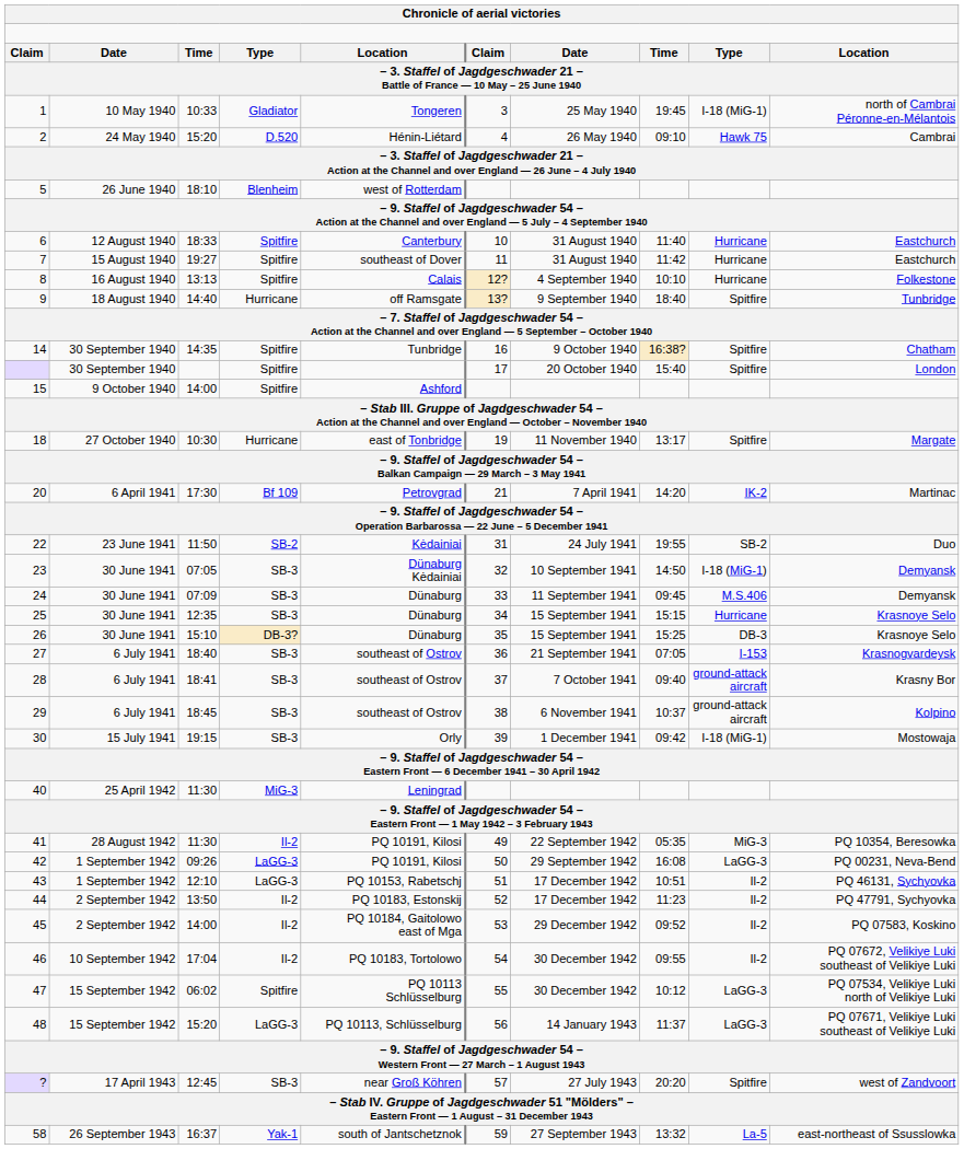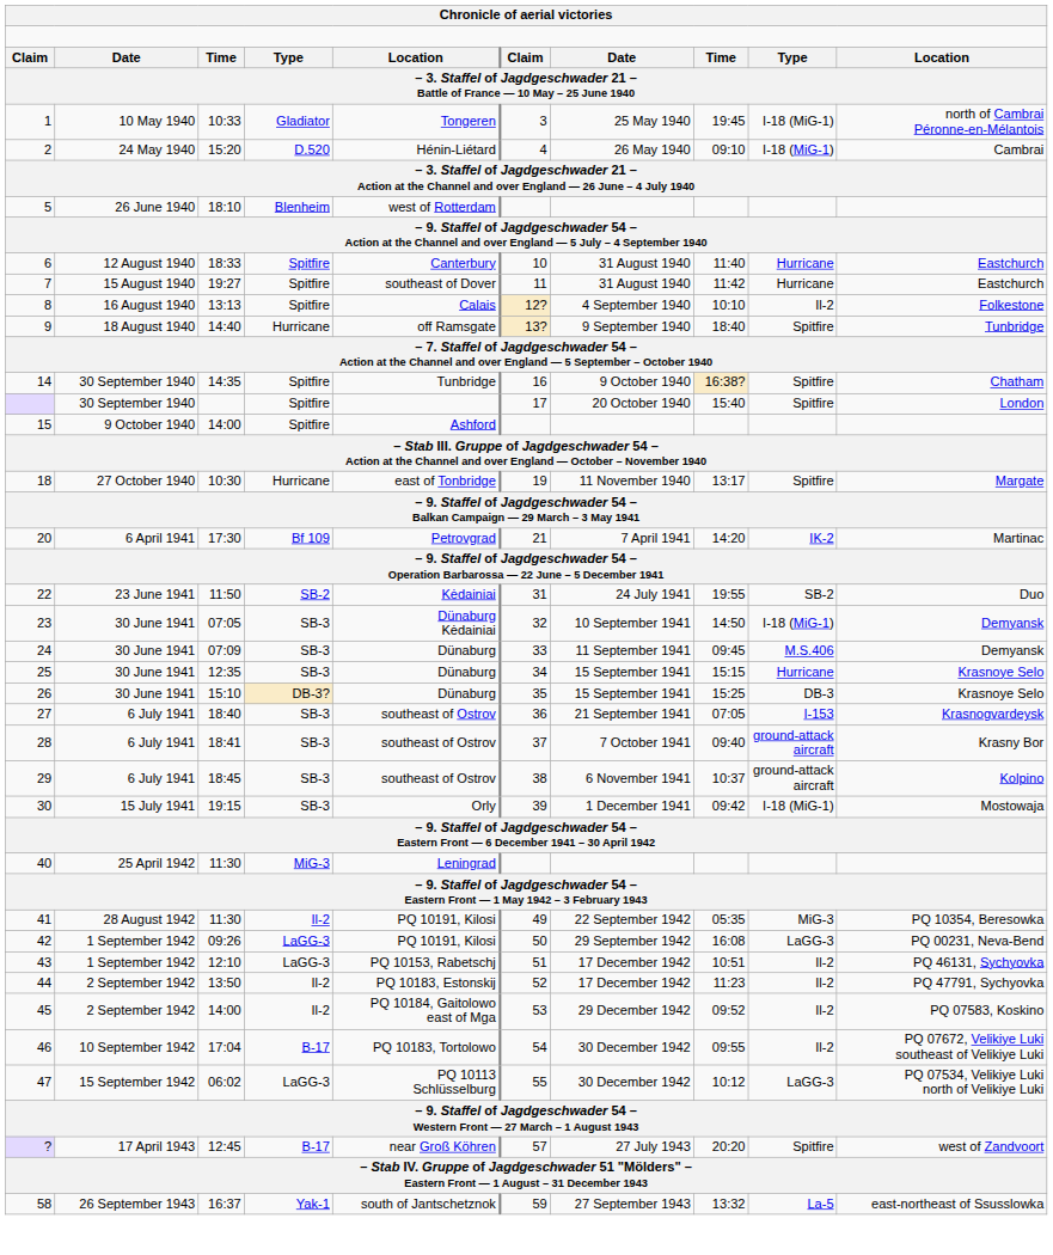 <table class="wikitable plainrowheaders collapsible" style="margin-left: auto; margin-right: auto; border: none; text-align:right; width: 100%;">
 <tr>
 <th colspan="10">Chronicle of aerial victories</th>
 </tr>
 <tr>
 <td colspan="10" style="text-align: left;"><br> </td>
 </tr>
 <tr>
 <th scope="col">Claim</th>
 <th scope="col">Date</th>
 <th scope="col">Time</th>
 <th scope="col" width="100px">Type</th>
 <th scope="col">Location</th>
 <th scope="col" style="border-left: 3px solid grey;">Claim</th>
 <th scope="col">Date</th>
 <th scope="col">Time</th>
 <th scope="col" width="100px">Type</th>
 <th scope="col">Location</th>
 </tr>
 <tr>
 <th colspan="10">– 3. <em>Staffel</em> of <em>Jagdgeschwader</em> 21 –<br><small>Battle of France — 10 May – 25 June 1940</small></th>
 </tr>
 <tr>
 <td>1</td>
 <td>10 May 1940</td>
 <td>10:33</td>
 <td><a href='#'>Gladiator</a></td>
 <td><a href='#'>Tongeren</a></td>
 <td style="border-left: 3px solid grey;">3</td>
 <td>25 May 1940</td>
 <td>19:45</td>
 <td>I-18 (MiG-1)</td>
 <td>north of <a href='#'>Cambrai</a><br><a href='#'>Péronne-en-Mélantois</a></td>
 </tr>
 <tr>
 <td>2</td>
 <td>24 May 1940</td>
 <td>15:20</td>
 <td><a href='#'>D.520</a></td>
 <td>Hénin-Liétard</td>
 <td style="border-left: 3px solid grey;">4</td>
 <td>26 May 1940</td>
 <td>09:10</td>
-<td><a href='#'>Hawk 75</a></td>
+<td>I-18 (<a href='#'>MiG-1</a>)</td>
 <td>Cambrai</td>
 </tr>
 <tr>
 <th colspan="10">– 3. <em>Staffel</em> of <em>Jagdgeschwader</em> 21 –<br><small>Action at the Channel and over England — 26 June – 4 July 1940</small></th>
 </tr>
 <tr>
 <td>5</td>
 <td>26 June 1940</td>
 <td>18:10</td>
 <td><a href='#'>Blenheim</a></td>
 <td> west of <a href='#'>Rotterdam</a></td>
 <td style="border-left: 3px solid grey;"></td>
 <td></td>
 <td></td>
 <td></td>
 <td></td>
 </tr>
 <tr>
 <th colspan="10">– 9. <em>Staffel</em> of <em>Jagdgeschwader</em> 54 –<br><small>Action at the Channel and over England — 5 July – 4 September 1940</small></th>
 </tr>
 <tr>
 <td>6</td>
 <td>12 August 1940</td>
 <td>18:33</td>
 <td><a href='#'>Spitfire</a></td>
 <td><a href='#'>Canterbury</a></td>
 <td style="border-left: 3px solid grey;">10</td>
 <td>31 August 1940</td>
 <td>11:40</td>
 <td><a href='#'>Hurricane</a></td>
 <td><a href='#'>Eastchurch</a></td>
 </tr>
 <tr>
 <td>7</td>
 <td>15 August 1940</td>
 <td>19:27</td>
 <td>Spitfire</td>
 <td>southeast of Dover</td>
 <td style="border-left: 3px solid grey;">11</td>
 <td>31 August 1940</td>
 <td>11:42</td>
 <td>Hurricane</td>
 <td>Eastchurch</td>
 </tr>
 <tr>
 <td>8</td>
 <td>16 August 1940</td>
 <td>13:13</td>
 <td>Spitfire</td>
 <td><a href='#'>Calais</a></td>
 <td style="border-left: 3px solid grey; background:#faecc8">12?</td>
 <td>4 September 1940</td>
 <td>10:10</td>
-<td>Hurricane</td>
+<td>Il-2</td>
 <td><a href='#'>Folkestone</a></td>
 </tr>
 <tr>
 <td>9</td>
 <td>18 August 1940</td>
 <td>14:40</td>
 <td>Hurricane</td>
 <td> off Ramsgate</td>
 <td style="border-left: 3px solid grey; background:#faecc8">13?</td>
 <td>9 September 1940</td>
 <td>18:40</td>
 <td>Spitfire</td>
 <td><a href='#'>Tunbridge</a></td>
 </tr>
 <tr>
 <th colspan="10">– 7. <em>Staffel</em> of <em>Jagdgeschwader</em> 54 –<br><small>Action at the Channel and over England — 5 September – October 1940</small></th>
 </tr>
 <tr>
 <td>14</td>
 <td>30 September 1940</td>
 <td>14:35</td>
 <td>Spitfire</td>
 <td>Tunbridge</td>
 <td style="border-left: 3px solid grey;">16</td>
 <td>9 October 1940</td>
 <td style="background:#faecc8">16:38?</td>
 <td>Spitfire</td>
 <td><a href='#'>Chatham</a></td>
 </tr>
 <tr>
 <td style="background:#e3d9ff;"></td>
 <td>30 September 1940</td>
 <td></td>
 <td>Spitfire</td>
 <td></td>
 <td style="border-left: 3px solid grey;">17</td>
 <td>20 October 1940</td>
 <td>15:40</td>
 <td>Spitfire</td>
 <td><a href='#'>London</a></td>
 </tr>
 <tr>
 <td>15</td>
 <td>9 October 1940</td>
 <td>14:00</td>
 <td>Spitfire</td>
 <td><a href='#'>Ashford</a></td>
 <td style="border-left: 3px solid grey;"></td>
 <td></td>
 <td></td>
 <td></td>
 <td></td>
 </tr>
 <tr>
 <th colspan="10">– <em>Stab</em> III. <em>Gruppe</em> of <em>Jagdgeschwader</em> 54 –<br><small>Action at the Channel and over England — October – November 1940</small></th>
 </tr>
 <tr>
 <td>18</td>
 <td>27 October 1940</td>
 <td>10:30</td>
 <td>Hurricane</td>
 <td> east of <a href='#'>Tonbridge</a></td>
 <td style="border-left: 3px solid grey;">19</td>
 <td>11 November 1940</td>
 <td>13:17</td>
 <td>Spitfire</td>
 <td><a href='#'>Margate</a></td>
 </tr>
 <tr>
 <th colspan="10">– 9. <em>Staffel</em> of <em>Jagdgeschwader</em> 54 –<br><small>Balkan Campaign — 29 March – 3 May 1941</small></th>
 </tr>
 <tr>
 <td>20</td>
 <td>6 April 1941</td>
 <td>17:30</td>
 <td><a href='#'>Bf 109</a></td>
 <td><a href='#'>Petrovgrad</a></td>
 <td style="border-left: 3px solid grey;">21</td>
 <td>7 April 1941</td>
 <td>14:20</td>
 <td><a href='#'>IK-2</a></td>
 <td>Martinac</td>
 </tr>
 <tr>
 <th colspan="10">– 9. <em>Staffel</em> of <em>Jagdgeschwader</em> 54 –<br><small>Operation Barbarossa — 22 June – 5 December 1941</small></th>
 </tr>
 <tr>
 <td>22</td>
 <td>23 June 1941</td>
 <td>11:50</td>
 <td><a href='#'>SB-2</a></td>
 <td><a href='#'>Kėdainiai</a></td>
 <td style="border-left: 3px solid grey;">31</td>
 <td>24 July 1941</td>
 <td>19:55</td>
 <td>SB-2</td>
 <td>Duo</td>
 </tr>
 <tr>
 <td>23</td>
 <td>30 June 1941</td>
 <td>07:05</td>
 <td>SB-3</td>
 <td><a href='#'>Dünaburg</a><br>Kėdainiai</td>
 <td style="border-left: 3px solid grey;">32</td>
 <td>10 September 1941</td>
 <td>14:50</td>
 <td>I-18 (<a href='#'>MiG-1</a>)</td>
 <td><a href='#'>Demyansk</a></td>
 </tr>
 <tr>
 <td>24</td>
 <td>30 June 1941</td>
 <td>07:09</td>
 <td>SB-3</td>
 <td>Dünaburg</td>
 <td style="border-left: 3px solid grey;">33</td>
 <td>11 September 1941</td>
 <td>09:45</td>
 <td><a href='#'>M.S.406</a></td>
 <td>Demyansk</td>
 </tr>
 <tr>
 <td>25</td>
 <td>30 June 1941</td>
 <td>12:35</td>
 <td>SB-3</td>
 <td>Dünaburg</td>
 <td style="border-left: 3px solid grey;">34</td>
 <td>15 September 1941</td>
 <td>15:15</td>
 <td><a href='#'>Hurricane</a></td>
 <td><a href='#'>Krasnoye Selo</a></td>
 </tr>
 <tr>
 <td>26</td>
 <td>30 June 1941</td>
 <td>15:10</td>
 <td style="background:#faecc8">DB-3?</td>
 <td>Dünaburg</td>
 <td style="border-left: 3px solid grey;">35</td>
 <td>15 September 1941</td>
 <td>15:25</td>
 <td>DB-3</td>
 <td>Krasnoye Selo</td>
 </tr>
 <tr>
 <td>27</td>
 <td>6 July 1941</td>
 <td>18:40</td>
 <td>SB-3</td>
 <td>southeast of <a href='#'>Ostrov</a></td>
 <td style="border-left: 3px solid grey;">36</td>
 <td>21 September 1941</td>
 <td>07:05</td>
 <td><a href='#'>I-153</a></td>
 <td><a href='#'>Krasnogvardeysk</a></td>
 </tr>
 <tr>
 <td>28</td>
 <td>6 July 1941</td>
 <td>18:41</td>
 <td>SB-3</td>
 <td>southeast of Ostrov</td>
 <td style="border-left: 3px solid grey;">37</td>
 <td>7 October 1941</td>
 <td>09:40</td>
 <td><a href='#'>ground-attack aircraft</a></td>
 <td>Krasny Bor</td>
 </tr>
 <tr>
 <td>29</td>
 <td>6 July 1941</td>
 <td>18:45</td>
 <td>SB-3</td>
 <td>southeast of Ostrov</td>
 <td style="border-left: 3px solid grey;">38</td>
 <td>6 November 1941</td>
 <td>10:37</td>
 <td>ground-attack aircraft</td>
 <td><a href='#'>Kolpino</a></td>
 </tr>
 <tr>
 <td>30</td>
 <td>15 July 1941</td>
 <td>19:15</td>
 <td>SB-3</td>
 <td>Orly</td>
 <td style="border-left: 3px solid grey;">39</td>
 <td>1 December 1941</td>
 <td>09:42</td>
 <td>I-18 (MiG-1)</td>
 <td>Mostowaja</td>
 </tr>
 <tr>
 <th colspan="10">– 9. <em>Staffel</em> of <em>Jagdgeschwader</em> 54 –<br><small>Eastern Front — 6 December 1941 – 30 April 1942</small></th>
 </tr>
 <tr>
 <td>40</td>
 <td>25 April 1942</td>
 <td>11:30</td>
 <td><a href='#'>MiG-3</a></td>
 <td><a href='#'>Leningrad</a></td>
 <td style="border-left: 3px solid grey;"></td>
 <td></td>
 <td></td>
 <td></td>
 <td></td>
 </tr>
 <tr>
 <th colspan="10">– 9. <em>Staffel</em> of <em>Jagdgeschwader</em> 54 –<br><small>Eastern Front — 1 May 1942 – 3 February 1943</small></th>
 </tr>
 <tr>
 <td>41</td>
 <td>28 August 1942</td>
 <td>11:30</td>
 <td><a href='#'>Il-2</a></td>
 <td>PQ 10191, Kilosi</td>
 <td style="border-left: 3px solid grey;">49</td>
 <td>22 September 1942</td>
 <td>05:35</td>
 <td>MiG-3</td>
 <td>PQ 10354, Beresowka</td>
 </tr>
 <tr>
 <td>42</td>
 <td>1 September 1942</td>
 <td>09:26</td>
 <td><a href='#'>LaGG-3</a></td>
 <td>PQ 10191, Kilosi</td>
 <td style="border-left: 3px solid grey;">50</td>
 <td>29 September 1942</td>
 <td>16:08</td>
 <td>LaGG-3</td>
 <td>PQ 00231, Neva-Bend</td>
 </tr>
 <tr>
 <td>43</td>
 <td>1 September 1942</td>
 <td>12:10</td>
 <td>LaGG-3</td>
 <td>PQ 10153, Rabetschj</td>
 <td style="border-left: 3px solid grey;">51</td>
 <td>17 December 1942</td>
 <td>10:51</td>
 <td>Il-2</td>
 <td>PQ 46131, <a href='#'>Sychyovka</a></td>
 </tr>
 <tr>
 <td>44</td>
 <td>2 September 1942</td>
 <td>13:50</td>
 <td>Il-2</td>
 <td>PQ 10183, Estonskij</td>
 <td style="border-left: 3px solid grey;">52</td>
 <td>17 December 1942</td>
 <td>11:23</td>
 <td>Il-2</td>
 <td>PQ 47791, Sychyovka</td>
 </tr>
 <tr>
 <td>45</td>
 <td>2 September 1942</td>
 <td>14:00</td>
 <td>Il-2</td>
 <td>PQ 10184, Gaitolowo<br>east of Mga</td>
 <td style="border-left: 3px solid grey;">53</td>
 <td>29 December 1942</td>
 <td>09:52</td>
 <td>Il-2</td>
 <td>PQ 07583, Koskino</td>
 </tr>
 <tr>
 <td>46</td>
 <td>10 September 1942</td>
 <td>17:04</td>
-<td>Il-2</td>
+<td><a href='#'>B-17</a></td>
 <td>PQ 10183, Tortolowo</td>
 <td style="border-left: 3px solid grey;">54</td>
 <td>30 December 1942</td>
 <td>09:55</td>
 <td>Il-2</td>
 <td>PQ 07672, <a href='#'>Velikiye Luki</a><br> southeast of Velikiye Luki</td>
 </tr>
 <tr>
 <td>47</td>
 <td>15 September 1942</td>
 <td>06:02</td>
-<td>Spitfire</td>
+<td>LaGG-3</td>
 <td>PQ 10113<br>Schlüsselburg</td>
 <td style="border-left: 3px solid grey;">55</td>
 <td>30 December 1942</td>
 <td>10:12</td>
 <td>LaGG-3</td>
 <td>PQ 07534, Velikiye Luki<br> north of Velikiye Luki</td>
 </tr>
 <tr>
-<td>48</td>
-<td>15 September 1942</td>
-<td>15:20</td>
-<td>LaGG-3</td>
-<td>PQ 10113, Schlüsselburg</td>
-<td style="border-left: 3px solid grey;">56</td>
-<td>14 January 1943</td>
-<td>11:37</td>
-<td>LaGG-3</td>
-<td>PQ 07671, Velikiye Luki<br> southeast of Velikiye Luki</td>
-</tr>
-<tr>
 <th colspan="10">– 9. <em>Staffel</em> of <em>Jagdgeschwader</em> 54 –<br><small>Western Front — 27 March – 1 August 1943</small></th>
 </tr>
 <tr>
 <td style="background:#e3d9ff;">?</td>
 <td>17 April 1943</td>
 <td>12:45</td>
-<td>SB-3</td>
+<td><a href='#'>B-17</a></td>
 <td>near <a href='#'>Groß Köhren</a></td>
 <td style="border-left: 3px solid grey;">57</td>
 <td>27 July 1943</td>
 <td>20:20</td>
 <td>Spitfire</td>
 <td> west of <a href='#'>Zandvoort</a></td>
 </tr>
 <tr>
 <th colspan="10">– <em>Stab</em> IV. <em>Gruppe</em> of <em>Jagdgeschwader</em> 51 "Mölders" –<br><small>Eastern Front — 1 August – 31 December 1943</small></th>
 </tr>
 <tr>
 <td>58</td>
 <td>26 September 1943</td>
 <td>16:37</td>
 <td><a href='#'>Yak-1</a></td>
 <td>south of Jantschetznok</td>
 <td style="border-left: 3px solid grey;">59</td>
 <td>27 September 1943</td>
 <td>13:32</td>
 <td><a href='#'>La-5</a></td>
 <td>east-northeast of Ssusslowka</td>
 </tr>
 </table>
